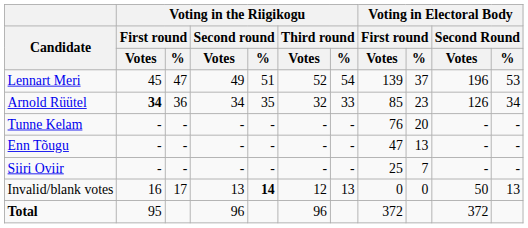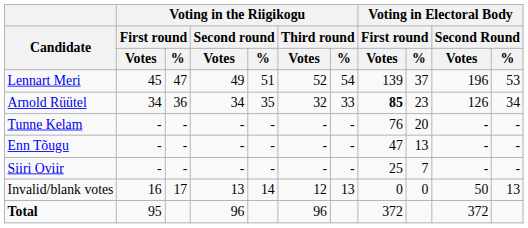 <table class=wikitable style=text-align:right>
 <tr>
 <th></th>
 <th colspan="6">Voting in the Riigikogu</th>
 <th colspan="4">Voting in Electoral Body</th>
 </tr>
 <tr>
 <th rowspan="2">Candidate</th>
 <th colspan="2">First round</th>
 <th colspan="2">Second round</th>
 <th colspan="2">Third round</th>
 <th colspan="2">First round</th>
 <th colspan="2">Second Round</th>
 </tr>
 <tr>
 <th>Votes</th>
 <th>%</th>
 <th>Votes</th>
 <th>%</th>
 <th>Votes</th>
 <th>%</th>
 <th>Votes</th>
 <th>%</th>
 <th>Votes</th>
 <th>%</th>
 </tr>
 <tr>
 <td align="left"><a href='#'>Lennart Meri</a></td>
 <td>45</td>
 <td>47</td>
 <td>49</td>
 <td>51</td>
 <td>52</td>
 <td>54</td>
 <td>139</td>
 <td>37</td>
 <td>196</td>
 <td>53</td>
 </tr>
 <tr>
 <td align="left"><a href='#'>Arnold Rüütel</a></td>
-<td><strong>34</strong></td>
+<td>34</td>
 <td>36</td>
 <td>34</td>
 <td>35</td>
 <td>32</td>
 <td>33</td>
-<td>85</td>
+<td><strong>85</strong></td>
 <td>23</td>
 <td>126</td>
 <td>34</td>
 </tr>
 <tr>
 <td align="left"><a href='#'>Tunne Kelam</a></td>
 <td>-</td>
 <td>-</td>
 <td>-</td>
 <td>-</td>
 <td>-</td>
 <td>-</td>
 <td>76</td>
 <td>20</td>
 <td>-</td>
 <td>-</td>
 </tr>
 <tr>
 <td align="left"><a href='#'>Enn Tõugu</a></td>
 <td>-</td>
 <td>-</td>
 <td>-</td>
 <td>-</td>
 <td>-</td>
 <td>-</td>
 <td>47</td>
 <td>13</td>
 <td>-</td>
 <td>-</td>
 </tr>
 <tr>
 <td align="left"><a href='#'>Siiri Oviir</a></td>
 <td>-</td>
 <td>-</td>
 <td>-</td>
 <td>-</td>
 <td>-</td>
 <td>-</td>
 <td>25</td>
 <td>7</td>
 <td>-</td>
 <td>-</td>
 </tr>
 <tr>
 <td align="left">Invalid/blank votes</td>
 <td>16</td>
 <td>17</td>
 <td>13</td>
-<td><strong>14</strong></td>
+<td>14</td>
 <td>12</td>
 <td>13</td>
 <td>0</td>
 <td>0</td>
 <td>50</td>
 <td>13</td>
 </tr>
 <tr>
 <td align="left"><strong>Total</strong></td>
 <td>95</td>
 <td></td>
 <td>96</td>
 <td></td>
 <td>96</td>
 <td></td>
 <td>372</td>
 <td></td>
 <td>372</td>
 <td></td>
 </tr>
 </table>
